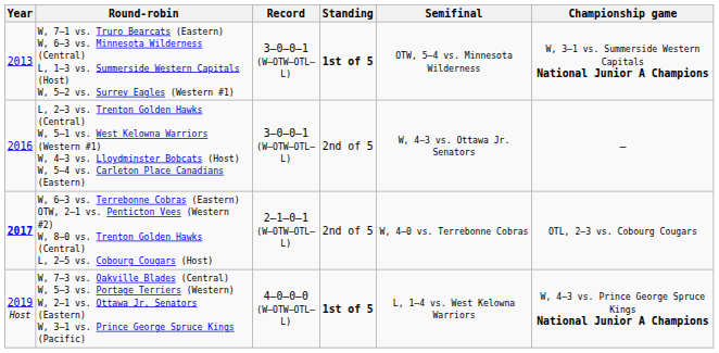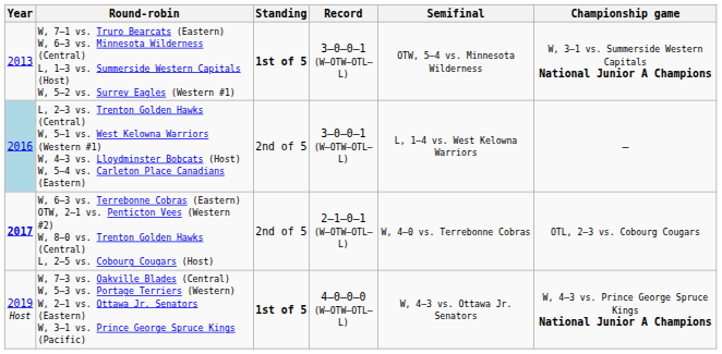 <table class="wikitable" style="text-align:center">
 <tr>
 <th>Year</th>
 <th>Round-robin</th>
+<th>Standing</th>
 <th>Record</th>
-<th>Standing</th>
 <th>Semifinal</th>
 <th>Championship game</th>
 </tr>
 <tr>
 <td><a href='#'>2013</a></td>
 <td align=left><small>W, 7–1 vs. <a href='#'>Truro Bearcats</a> (Eastern)<br>W, 6–3 vs. <a href='#'>Minnesota Wilderness</a> (Central)<br>L, 1–3 vs. <a href='#'>Summerside Western Capitals</a> (Host)<br>W, 5–2 vs. <a href='#'>Surrey Eagles</a> (Western #1)</small></td>
+<td><strong>1st of 5</strong></td>
 <td>3–0–0–1<br><small>(W–OTW–OTL–L)</small></td>
-<td><strong>1st of 5</strong></td>
 <td><small>OTW, 5–4 vs. Minnesota Wilderness</small></td>
 <td><small>W, 3–1 vs. Summerside Western Capitals</small><br><strong>National Junior A Champions</strong></td>
 </tr>
 <tr>
-<td><a href='#'>2016</a></td>
+<td style="background: lightblue;"><a href='#'>2016</a></td>
 <td align=left><small>L, 2–3 vs. <a href='#'>Trenton Golden Hawks</a> (Central)<br>W, 5–1 vs. <a href='#'>West Kelowna Warriors</a> (Western #1)<br>W, 4–3 vs. <a href='#'>Lloydminster Bobcats</a> (Host)<br>W, 5–4 vs. <a href='#'>Carleton Place Canadians</a> (Eastern)</small></td>
+<td>2nd of 5</td>
 <td>3–0–0–1<br><small>(W–OTW–OTL–L)</small></td>
-<td>2nd of 5</td>
-<td><small>W, 4–3 vs. Ottawa Jr. Senators</small></td>
+<td><small>L, 1–4 vs. West Kelowna Warriors</small></td>
 <td>—</td>
 </tr>
 <tr>
 <td><strong><a href='#'>2017</a></strong></td>
 <td align=left><small>W, 6–3 vs. <a href='#'>Terrebonne Cobras</a> (Eastern)<br>OTW, 2–1 vs. <a href='#'>Penticton Vees</a> (Western #2)<br>W, 8–0 vs. <a href='#'>Trenton Golden Hawks</a> (Central)<br>L, 2–5 vs. <a href='#'>Cobourg Cougars</a> (Host)</small></td>
+<td>2nd of 5</td>
 <td>2–1–0–1<br><small>(W–OTW–OTL–L)</small></td>
-<td>2nd of 5</td>
 <td><small>W, 4–0 vs. Terrebonne Cobras</small></td>
 <td><small>OTL, 2–3 vs. Cobourg Cougars</small></td>
 </tr>
 <tr>
 <td><a href='#'>2019</a><br><small><em>Host</em></small></td>
 <td align=left><small>W, 7–3 vs. <a href='#'>Oakville Blades</a> (Central)<br>W, 5–3 vs. <a href='#'>Portage Terriers</a> (Western)<br>W, 2–1 vs. <a href='#'>Ottawa Jr. Senators</a> (Eastern)<br>W, 3–1 vs. <a href='#'>Prince George Spruce Kings</a> (Pacific)</small></td>
+<td><strong>1st of 5</strong></td>
 <td>4–0–0–0<br><small>(W–OTW–OTL–L)</small></td>
-<td><strong>1st of 5</strong></td>
-<td><small>L, 1–4 vs. West Kelowna Warriors</small></td>
+<td><small>W, 4–3 vs. Ottawa Jr. Senators</small></td>
 <td><small>W, 4–3 vs. Prince George Spruce Kings</small><br><strong>National Junior A Champions</strong></td>
 </tr>
 </table>
